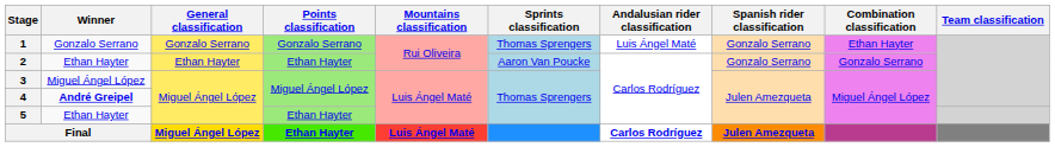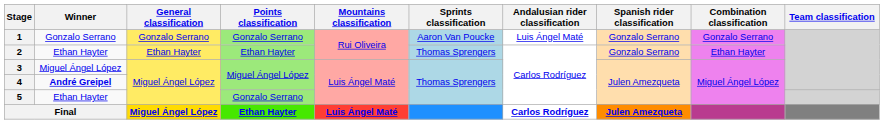 <table class="wikitable" style="text-align: center; font-size:smaller;">
 <tr style="background:#efefef;">
 <th width="1%">Stage</th>
 <th width="11%">Winner</th>
 <th width="11%"><a href='#'>General classification</a><br></th>
 <th width="11%"><a href='#'>Points classification</a><br></th>
 <th width="11%"><a href='#'>Mountains classification</a><br></th>
 <th width="11%">Sprints classification<br></th>
 <th width="11%">Andalusian rider classification<br></th>
 <th width="11%">Spanish rider classification<br></th>
 <th width="11%">Combination classification</th>
 <th width="11%"><a href='#'>Team classification</a></th>
 </tr>
 <tr>
 <th>1</th>
 <td><a href='#'>Gonzalo Serrano</a></td>
 <td style="background:#FFEB64;"><a href='#'>Gonzalo Serrano</a></td>
 <td style="background:#9CE97B;"><a href='#'>Gonzalo Serrano</a></td>
 <td style="background:#FFA8A4;" rowspan="2"><a href='#'>Rui Oliveira</a></td>
-<td style="background:lightblue;"><a href='#'>Thomas Sprengers</a></td>
+<td style="background:lightblue;"><a href='#'>Aaron Van Poucke</a></td>
 <td style="background:white;"><a href='#'>Luis Ángel Maté</a></td>
 <td style="background:navajowhite;"><a href='#'>Gonzalo Serrano</a></td>
-<td style="background:violet;"><a href='#'>Ethan Hayter</a></td>
+<td style="background:violet;"><a href='#'>Gonzalo Serrano</a></td>
 <td style="background:lightgrey;" rowspan="4"></td>
 </tr>
 <tr>
 <th>2</th>
 <td><a href='#'>Ethan Hayter</a></td>
 <td style="background:#FFEB64;"><a href='#'>Ethan Hayter</a></td>
 <td style="background:#9CE97B;"><a href='#'>Ethan Hayter</a></td>
-<td style="background:lightblue;"><a href='#'>Aaron Van Poucke</a></td>
+<td style="background:lightblue;"><a href='#'>Thomas Sprengers</a></td>
 <td style="background:white;" rowspan="4"><a href='#'>Carlos Rodríguez</a></td>
 <td style="background:navajowhite;"><a href='#'>Gonzalo Serrano</a></td>
-<td style="background:violet;"><a href='#'>Gonzalo Serrano</a></td>
+<td style="background:violet;"><a href='#'>Ethan Hayter</a></td>
 </tr>
 <tr>
 <th>3</th>
 <td><a href='#'>Miguel Ángel López</a></td>
 <td style="background:#FFEB64;" rowspan="3"><a href='#'>Miguel Ángel López</a></td>
 <td style="background:#9CE97B;" rowspan="2"><a href='#'>Miguel Ángel López</a></td>
 <td style="background:#FFA8A4;" rowspan="3"><a href='#'>Luis Ángel Maté</a></td>
 <td style="background:lightblue;" rowspan="3"><a href='#'>Thomas Sprengers</a></td>
 <td style="background:navajowhite;" rowspan="3"><a href='#'>Julen Amezqueta</a></td>
 <td style="background:violet;" rowspan="3"><a href='#'>Miguel Ángel López</a></td>
 </tr>
 <tr>
 <th>4</th>
 <td><strong><a href='#'>André Greipel</a></strong></td>
 </tr>
 <tr>
 <th>5</th>
 <td><a href='#'>Ethan Hayter</a></td>
-<td style="background:#9CE97B;"><a href='#'>Ethan Hayter</a></td>
+<td style="background:#9CE97B;"><a href='#'>Gonzalo Serrano</a></td>
 <td style="background:lightgrey;"></td>
 </tr>
 <tr>
 <th colspan="2">Final</th>
 <th style="background:#FFDB00;"><a href='#'>Miguel Ángel López</a></th>
 <th style="background:#46E800;"><a href='#'>Ethan Hayter</a></th>
 <th style="background:#FF3E33;"><a href='#'>Luis Ángel Maté</a></th>
 <th style="background:dodgerblue;"></th>
 <th style="background:white;"><a href='#'>Carlos Rodríguez</a></th>
 <th style="background:#FF8C00;"><a href='#'>Julen Amezqueta</a></th>
 <th style="background:#B93B8F;"></th>
 <th style="background:grey;"></th>
 </tr>
 </table>
